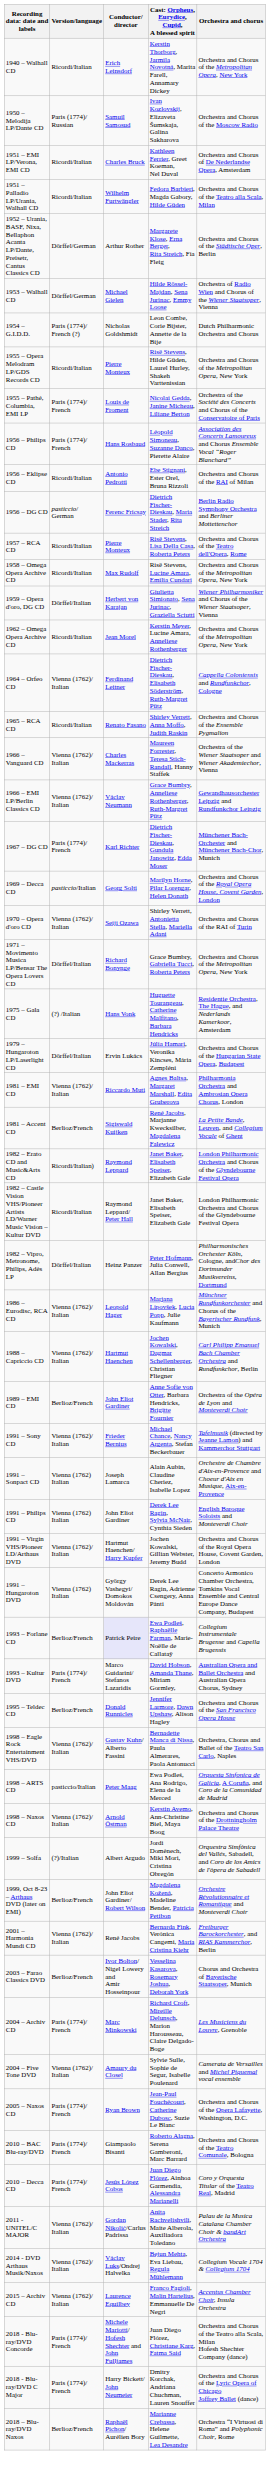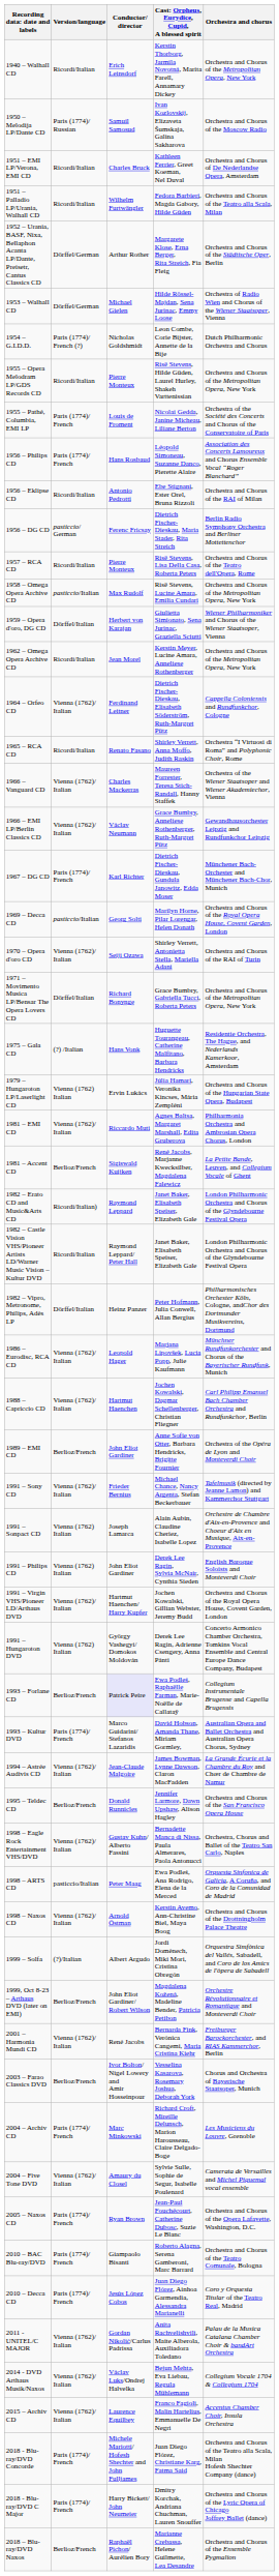 <table class="wikitable">
 <tr>
 <th>Recording data: date and labels</th>
 <th>Version/language</th>
 <th>Conductor/<br>director</th>
 <th>Cast: <a href='#'>Orpheus</a>,<br><a href='#'>Eurydice</a>,<br><a href='#'>Cupid</a>,<br>A blessed spirit</th>
 <th>Orchestra and chorus</th>
 </tr>
 <tr>
 <td>1940 – Walhall CD</td>
 <td>Ricordi/Italian</td>
 <td><a href='#'>Erich Leinsdorf</a></td>
 <td><a href='#'>Kerstin Thorborg</a>, <a href='#'>Jarmila Novotná</a>, Marita Farell, Annamary Dickey</td>
 <td>Orchestra and Chorus of the <em><a href='#'>Metropolitan Opera</a></em>, <a href='#'>New York</a></td>
 </tr>
 <tr>
 <td>1950 – Melodija LP/Dante CD</td>
 <td>Paris (1774)/<br>Russian</td>
 <td><a href='#'>Samuil Samosud</a></td>
 <td><a href='#'>Ivan Kozlovskij</a>, Elizaveta Šumskaja, Galina Sakharova</td>
 <td>Orchestra and Chorus of the <a href='#'>Moscow Radio</a></td>
 </tr>
 <tr>
 <td>1951 – EMI LP/Verona, EMI CD</td>
 <td>Ricordi/Italian</td>
 <td><a href='#'>Charles Bruck</a></td>
 <td><a href='#'>Kathleen Ferrier</a>, Greet Koeman,<br> Nel Duval</td>
 <td>Orchestra and Chorus of <a href='#'>De Nederlandse Opera</a>, Amsterdam</td>
 </tr>
 <tr>
 <td>1951 – Palladio LP/Urania, Walhall CD</td>
 <td>Ricordi/Italian</td>
 <td><a href='#'>Wilhelm Furtwängler</a></td>
 <td><a href='#'>Fedora Barbieri</a>, Magda Gabory,<br> <a href='#'>Hilde Güden</a></td>
 <td>Orchestra and Chorus of the <a href='#'>Teatro alla Scala</a>, <a href='#'>Milan</a></td>
 </tr>
 <tr>
 <td>1952 – Urania, BASF, Nixa, Bellaphon Acanta LP/Dante, Preisetr, Cantus Classics CD</td>
 <td>Dörffel/German</td>
 <td>Arthur Rother</td>
 <td><a href='#'>Margarete Klose</a>, <a href='#'>Erna Berger</a>,<br> <a href='#'>Rita Streich</a>, Fia Fleig</td>
 <td>Orchestra and Chorus of the <em><a href='#'>Städtische Oper</a></em>, Berlin</td>
 </tr>
 <tr>
 <td>1953 – Walhall CD</td>
 <td>Dörffel/German</td>
 <td><a href='#'>Michael Gielen</a></td>
 <td><a href='#'>Hilde Rössel-Majdan</a>, <a href='#'>Sena Jurinac</a>, <a href='#'>Emmy Loose</a></td>
 <td>Orchestra of <a href='#'>Radio Wien</a> and Chorus of the <em><a href='#'>Wiener Staatsoper</a></em>, Vienna</td>
 </tr>
 <tr>
 <td>1954 – G.I.D.D.</td>
 <td>Paris (1774)/<br>French (?)</td>
 <td>Nicholas Goldshmidt</td>
 <td>Leon Combe, Corie Bijster, Annette de la Bije</td>
 <td>Dutch Philharmonic Orchestra and Chorus</td>
 </tr>
 <tr>
 <td>1955 – Opera Melodram LP/GDS Records CD</td>
 <td>Ricordi/Italian</td>
 <td><a href='#'>Pierre Monteux</a></td>
 <td><a href='#'>Risë Stevens</a>, Hilde Güden, Laurel Hurley, Shakeh Varttenissian</td>
 <td>Orchestra and Chorus of the <em>Metropolitan Opera</em>, New York</td>
 </tr>
 <tr>
 <td>1955 – Pathé, Columbia, EMI LP</td>
 <td>Paris (1774)/<br>French</td>
 <td><a href='#'>Louis de Froment</a></td>
 <td><a href='#'>Nicolai Gedda</a>, <a href='#'>Janine Micheau</a>, <a href='#'>Liliane Berton</a></td>
 <td>Orchestra of the <em>Société des Concerts</em> and Chorus of the <a href='#'>Conservatoire of Paris</a></td>
 </tr>
 <tr>
 <td>1956 – Philips CD</td>
 <td>Paris (1774)/<br>French</td>
 <td><a href='#'>Hans Rosbaud</a></td>
 <td><a href='#'>Léopold Simoneau</a>, <a href='#'>Suzanne Danco</a>, Pierette Alaire</td>
 <td><a href='#'><em>Association des Concerts Lamoureux</em></a> and Chorus <em>Ensemble Vocal “Roger Blanchard”</em></td>
 </tr>
 <tr>
 <td>1956 – Eklipse CD</td>
 <td>Ricordi/Italian</td>
 <td><a href='#'>Antonio Pedrotti</a></td>
 <td><a href='#'>Ebe Stignani</a>, Ester Orel,<br> Bruna Rizzoli</td>
 <td>Orchestra and Chorus of the <a href='#'>RAI</a> of Milan</td>
 </tr>
 <tr>
 <td>1956 – DG CD</td>
 <td><em>pasticcio</em>/<br>German</td>
 <td><a href='#'>Ferenc Fricsay</a></td>
 <td><a href='#'>Dietrich Fischer-Dieskau</a>, <a href='#'>Maria Stader</a>, <a href='#'>Rita Streich</a></td>
 <td><a href='#'>Berlin Radio Symphony Orchestra</a> and <em>Berliner Mottettenchor</em></td>
 </tr>
 <tr>
 <td>1957 – RCA CD</td>
 <td>Ricordi/Italian</td>
 <td><a href='#'>Pierre Monteux</a></td>
 <td><a href='#'>Risë Stevens</a>, <a href='#'>Lisa Della Casa</a>, <a href='#'>Roberta Peters</a></td>
 <td>Orchestra and Chorus of the <a href='#'>Teatro dell'Opera</a>, <a href='#'>Rome</a></td>
 </tr>
 <tr>
 <td>1958 – Omega Opera Archive CD</td>
-<td>Ricordi/Italian</td>
+<td><em>pasticcio</em>/Italian</td>
 <td><a href='#'>Max Rudolf</a></td>
 <td>Risë Stevens, <a href='#'>Lucine Amara</a>, <a href='#'>Emilia Cundari</a></td>
 <td>Orchestra and Chorus of the <em>Metropolitan Opera</em>, New York</td>
 </tr>
 <tr>
 <td>1959 – Opera d'oro, DG CD</td>
 <td>Dörffel/Italian</td>
 <td><a href='#'>Herbert von Karajan</a></td>
 <td><a href='#'>Giulietta Simionato</a>, <a href='#'>Sena Jurinac</a>, <a href='#'>Graziella Sciutti</a></td>
 <td><em><a href='#'>Wiener Philharmoniker</a></em> and Chorus of the <em>Wiener Staatsoper</em>, Vienna</td>
 </tr>
 <tr>
 <td>1962 – Omega Opera Archive CD </td>
 <td>Ricordi/Italian</td>
 <td><a href='#'>Jean Morel</a></td>
 <td><a href='#'>Kerstin Meyer</a>, Lucine Amara, <a href='#'>Anneliese Rothenberger</a></td>
 <td>Orchestra and Chorus of the <em>Metropolitan Opera</em>, New York</td>
 </tr>
 <tr>
 <td>1964 – Orfeo CD</td>
 <td>Vienna (1762)/<br>Italian</td>
 <td><a href='#'>Ferdinand Leitner</a></td>
 <td><a href='#'>Dietrich Fischer-Dieskau</a>, <a href='#'>Elisabeth Söderström</a>, <a href='#'>Ruth-Margret Pütz</a></td>
 <td><em><a href='#'>Cappella Coloniensis</a></em> and <em><a href='#'>Rundfunkchor</a></em>, <a href='#'>Cologne</a></td>
 </tr>
 <tr>
 <td>1965 – RCA CD</td>
 <td>Ricordi/Italian</td>
 <td><a href='#'>Renato Fasano</a></td>
 <td><a href='#'>Shirley Verrett</a>, <a href='#'>Anna Moffo</a>, <a href='#'>Judith Raskin</a></td>
-<td>Orchestra and Chorus of the <em>Ensemble Pygmalion</em></td>
+<td>Orchestra “I Virtuosi di Roma” and <em>Polyphonic Choir</em>, Rome</td>
 </tr>
 <tr>
 <td>1966 – Vanguard CD</td>
 <td>Vienna (1762)/<br>Italian</td>
 <td><a href='#'>Charles Mackerras</a></td>
 <td><a href='#'>Maureen Forrester</a>, <a href='#'>Teresa Stich-Randall</a>, Hanny Staffek</td>
 <td>Orchestra of the <em>Wiener Staatsoper</em> and <em>Wiener Akademiechor</em>, Vienna</td>
 </tr>
 <tr>
 <td>1966 – EMI LP/Berlin Classics CD</td>
 <td>Vienna (1762)/<br>Italian</td>
 <td><a href='#'>Václav Neumann</a></td>
 <td><a href='#'>Grace Bumbry</a>, <a href='#'>Anneliese Rothenberger</a>, <a href='#'>Ruth-Margret Pütz</a></td>
 <td><a href='#'>Gewandhausorchester Leipzig</a> and <a href='#'>Rundfunkchor Leipzig</a></td>
 </tr>
 <tr>
 <td>1967 – DG CD</td>
 <td>Paris (1774)/<br>French</td>
 <td><a href='#'>Karl Richter</a></td>
 <td><a href='#'>Dietrich Fischer-Dieskau</a>, <a href='#'>Gundula Janowitz</a>, <a href='#'>Edda Moser</a></td>
 <td><a href='#'>Münchener Bach-Orchester</a> and <a href='#'>Münchener Bach-Chor</a>, Munich</td>
 </tr>
 <tr>
 <td>1969 – Decca CD</td>
 <td><em>pasticcio</em>/Italian</td>
 <td><a href='#'>Georg Solti</a></td>
 <td><a href='#'>Marilyn Horne</a>, <a href='#'>Pilar Lorengar</a>, <a href='#'>Helen Donath</a></td>
 <td>Orchestra and Chorus of the <em><a href='#'>Royal Opera House, Covent Garden</a></em>, <a href='#'>London</a></td>
 </tr>
 <tr>
 <td>1970 – Opera d'oro CD</td>
 <td>Vienna (1762)/<br>Italian</td>
 <td><a href='#'>Seiji Ozawa</a></td>
 <td>Shirley Verrett, <a href='#'>Antonietta Stella</a>, <a href='#'>Mariella Adani</a></td>
 <td>Orchestra and Chorus of the RAI of <a href='#'>Turin</a></td>
 </tr>
 <tr>
 <td>1971 – Movimento Musica LP/Bensar The Opera Lovers CD</td>
 <td>Dörffel/Italian</td>
 <td><a href='#'>Richard Bonynge</a></td>
 <td>Grace Bumbry, <a href='#'>Gabriella Tucci</a>, <a href='#'>Roberta Peters</a></td>
 <td>Orchestra and Chorus of the <em>Metropolitan Opera</em>, New York</td>
 </tr>
 <tr>
 <td>1975 – Gala CD</td>
 <td>(?) /Italian</td>
 <td><a href='#'>Hans Vonk</a></td>
 <td><a href='#'>Huguette Tourangeau</a>, <a href='#'>Catherine Malfitano</a>, <a href='#'>Barbara Hendricks</a></td>
 <td><a href='#'>Residentie Orchestra</a>, <a href='#'>The Hague</a>, and <em>Nederlands Kamerkoor</em>, Amsterdam</td>
 </tr>
 <tr>
 <td>1979 – Hungaroton LP/Laserlight CD</td>
-<td>Dörffel/Italian</td>
+<td>Vienna (1762)<br>Italian</td>
 <td>Ervin Lukács</td>
 <td><a href='#'>Júlia Hamari</a>, Veronika Kincses, Mária Zempléni</td>
 <td>Orchestra and Chorus of the <a href='#'>Hungarian State Opera</a>, <a href='#'>Budapest</a></td>
 </tr>
 <tr>
 <td>1981 – EMI CD</td>
 <td>Vienna (1762)/<br>Italian</td>
 <td><a href='#'>Riccardo Muti</a></td>
 <td><a href='#'>Agnes Baltsa</a>, <a href='#'>Margaret Marshall</a>, <a href='#'>Edita Gruberova</a></td>
 <td><a href='#'>Philharmonia Orchestra</a> and <a href='#'>Ambrosian Opera Chorus</a>, London</td>
 </tr>
 <tr>
 <td>1981 – Accent CD </td>
 <td>Berlioz/French</td>
 <td><a href='#'>Sigiswald Kuijken</a></td>
 <td><a href='#'>René Jacobs</a>, Marjanne Kwecksilber,<br> <a href='#'>Magdalena Falewicz</a></td>
 <td><em><a href='#'>La Petite Bande</a></em>, <a href='#'>Leuven</a>, and <em><a href='#'>Collegium Vocale</a></em> of <a href='#'>Ghent</a></td>
 </tr>
 <tr>
 <td>1982 – Erato CD and Music&Arts CD</td>
 <td>Ricordi/Italian)</td>
 <td><a href='#'>Raymond Leppard</a></td>
 <td><a href='#'>Janet Baker</a>, <a href='#'>Elisabeth Speiser</a>, Elizabeth Gale</td>
 <td><a href='#'>London Philharmonic Orchestra</a> and Chorus of the <a href='#'>Glyndebourne Festival Opera</a></td>
 </tr>
 <tr>
 <td>1982 – Castle Vision VHS/Pioneer Artists LD/Warner Music Vision – Kultur DVD </td>
 <td>Ricordi/Italian</td>
 <td>Raymond Leppard/<br><a href='#'>Peter Hall</a></td>
 <td>Janet Baker, Elisabeth Speiser, Elizabeth Gale</td>
 <td>London Philharmonic Orchestra and Chorus of the Glyndebourne Festival Opera</td>
 </tr>
 <tr>
 <td>1982 – Vipro, Metronome, Philips, Adès LP </td>
 <td>Dörffel/Italian</td>
 <td>Heinz Panzer</td>
 <td><a href='#'>Peter Hofmann</a>, Julia Conwell, Allan Bergius</td>
 <td><em>Philharmonisches Orchester Köln</em>, Cologne, and<em>Chor des Dortmunder Musikvereins</em>, <a href='#'>Dortmund</a></td>
 </tr>
 <tr>
 <td>1986 – Eurodisc, RCA CD</td>
 <td>Vienna (1762)/<br>Italian</td>
 <td><a href='#'>Leopold Hager</a></td>
 <td><a href='#'>Marjana Lipovšek</a>, <a href='#'>Lucia Popp</a>, Julie Kaufmann</td>
 <td><em><a href='#'>Münchner Rundfunkorchester</a></em> and Chorus of the <em><a href='#'>Bayerischer Rundfunk</a></em>, Munich</td>
 </tr>
 <tr>
 <td>1988 – Capriccio CD</td>
 <td>Vienna (1762)/<br>Italian</td>
 <td><a href='#'>Hartmut Haenchen</a></td>
 <td><a href='#'>Jochen Kowalski</a>, <a href='#'>Dagmar Schellenberger</a>, Christian Fliegner </td>
 <td><em><a href='#'>Carl Philipp Emanuel Bach Chamber Orchestra</a></em> and <em>Rundfunkchor</em>, Berlin</td>
 </tr>
 <tr>
 <td>1989 – EMI CD</td>
 <td>Berlioz/French</td>
 <td><a href='#'>John Eliot Gardiner</a></td>
 <td><a href='#'>Anne Sofie von Otter</a>, Barbara Hendricks, <a href='#'>Brigitte Fournier</a></td>
 <td>Orchestra of the <em>Opéra de Lyon</em> and <em><a href='#'>Monteverdi Choir</a></em></td>
 </tr>
 <tr>
 <td>1991 – Sony CD </td>
 <td>Vienna (1762)/<br>Italian</td>
 <td><a href='#'>Frieder Bernius</a></td>
 <td><a href='#'>Michael Chance</a>, <a href='#'>Nancy Argenta</a>, Stefan Beckerbauer</td>
 <td><em><a href='#'>Tafelmusik</a></em> (directed by <a href='#'>Jeanne Lamon</a>) and <a href='#'>Kammerchor Stuttgart</a></td>
 </tr>
 <tr>
 <td>1991 – Sonpact CD</td>
 <td>Vienna (1762)<br>Italian</td>
 <td>Joseph Lamarca</td>
 <td>Alain Aubin, Claudine Cheriez, Isabelle Lopez</td>
 <td><em>Orchestre de Chambre d'Aix-en-Provence</em> and <em>Choeur d'Aix en Musique</em>, <a href='#'>Aix-en-Provence</a></td>
 </tr>
 <tr>
 <td>1991 – Philips CD </td>
 <td>Vienna (1762)<br>Italian</td>
 <td>John Eliot Gardiner</td>
 <td><a href='#'>Derek Lee Ragin</a>,<br> <a href='#'>Sylvia McNair</a>, Cynthia Sieden</td>
 <td><a href='#'>English Baroque Soloists</a> and <em>Monteverdi Choir</em></td>
 </tr>
 <tr>
 <td>1991 – Virgin VHS/Pioneer LD/Arthaus DVD</td>
 <td>Vienna (1762)/<br>Italian</td>
 <td>Hartmut Haenchen/<br> <a href='#'>Harry Kupfer</a></td>
 <td>Jochen Kowalski, Gillian Webster, Jeremy Budd </td>
 <td>Orchestra and Chorus of the Royal Opera House, Covent Garden, London</td>
 </tr>
 <tr>
 <td>1991 – Hungaroton DVD</td>
 <td>Vienna (1762)<br>Italian</td>
 <td>György Vashegyi/<br>Domokos Moldován</td>
 <td>Derek Lee Ragin, Adrienne Csengery, Anna Pánti</td>
 <td>Concerto Armonico Chamber Orchestra, Tomkins Vocal Ensemble and Central Europe Dance Company, Budapest</td>
 </tr>
 <tr>
 <td>1993 – Forlane CD</td>
 <td>Berlioz/French</td>
 <td style="background: lavender;">Patrick Peire</td>
 <td><a href='#'>Ewa Podleś</a>, <a href='#'>Raphaëlle Farman</a>, Marie-Noëlle de Callataÿ</td>
 <td><em>Collegium Instrumentale Brugense</em> and <em>Capella Brugensis</em></td>
 </tr>
 <tr>
 <td>1993 – Kultur DVD</td>
 <td>Paris (1774)/<br>French</td>
 <td>Marco Guidarini/<br>Stefanos Lazaridis</td>
 <td><a href='#'>David Hobson</a>, <a href='#'>Amanda Thane</a>, Miriam Gormley,</td>
 <td><a href='#'>Australian Opera and Ballet Orchestra</a> and Australian Opera Chorus, Sydney</td>
+</tr>
+<tr>
+<td>1994 – Astrée Audivis CD</td>
+<td>Vienna (1762)/<br>Italian</td>
+<td><a href='#'>Jean-Claude Malgoire</a></td>
+<td><a href='#'>James Bowman</a>, <a href='#'>Lynne Dawson</a>, Claron MacFadden</td>
+<td><em><a href='#'>La Grande Écurie et la Chambre du Roy</a></em> and Chœr de Chambre de <a href='#'>Namur</a></td>
 </tr>
 <tr>
 <td>1995 – Teldec CD</td>
 <td>Berlioz/French</td>
 <td><a href='#'>Donald Runnicles</a></td>
 <td><a href='#'>Jennifer Larmore</a>, <a href='#'>Dawn Upshaw</a>, Alison Hagley</td>
 <td>Orchestra and Chorus of the <em><a href='#'>San Francisco Opera House</a></em></td>
 </tr>
 <tr>
 <td>1998 – Eagle Rock Entertainment VHS/DVD</td>
 <td>Vienna (1762)/<br>Italian</td>
 <td><a href='#'>Gustav Kuhn</a>/<br>Alberto Fassini</td>
 <td><a href='#'>Bernadette Manca di Nissa</a>, Paula Almerares, Paola Antonucci</td>
 <td>Orchestra, Chorus and Ballet of the <a href='#'>Teatro San Carlo</a>, Naples</td>
 </tr>
 <tr>
 <td>1998 – ARTS CD</td>
 <td>pasticcio/Italian</td>
 <td><a href='#'>Peter Maag</a></td>
 <td>Ewa Podleś, Ana Rodrigo, Elena de la Merced</td>
 <td><em><a href='#'>Orquesta Sinfonica de Galicia</a></em>, <a href='#'>A Coruña</a>, and <em>Coro de la Comunidad de Madrid</em></td>
 </tr>
 <tr>
 <td>1998 – Naxos CD </td>
 <td>Vienna (1762)/<br>Italian</td>
 <td><a href='#'>Arnold Östman</a></td>
 <td><a href='#'>Kerstin Avemo</a>, Ann-Christine Biel, Maya Boog</td>
 <td>Orchestra and Chorus of the <a href='#'>Drottningholm Palace Theatre</a></td>
 </tr>
 <tr>
 <td>1999 – Solfa </td>
 <td>(?)/Italian</td>
 <td>Albert Argudo</td>
 <td>Jordi Domènech, Miki Mori, Cristina Obregón</td>
 <td><em>Orquestra Simfònica del Vallés</em>, Sabadell, and <em>Coro de los Amics de l'òpera de Sabadell</em></td>
 </tr>
 <tr>
 <td>1999, Oct 8-23 – <a href='#'>Arthaus</a> DVD (later on EMI)</td>
 <td>Berlioz/French</td>
 <td>John Eliot Gardiner/<br><a href='#'>Robert Wilson</a></td>
 <td><a href='#'>Magdalena Kožená</a>, Madeline Bender, <a href='#'>Patricia Petibon</a></td>
 <td><em><a href='#'>Orchestre Révolutionnaire et Romantique</a></em> and <em>Monteverdi Choir</em></td>
 </tr>
 <tr>
 <td>2001 – Harmonia Mundi CD </td>
 <td>Vienna (1762)/<br>Italian</td>
 <td>René Jacobs</td>
 <td><a href='#'>Bernarda Fink</a>, Verónica Cangemi, <a href='#'>María Cristina Kiehr</a></td>
 <td><em><a href='#'>Freiburger Barockorchester</a></em>, and <em><a href='#'>RIAS Kammerchor</a></em>, Berlin</td>
 </tr>
 <tr>
 <td>2003 – Farao Classics DVD</td>
 <td>Berlioz/French</td>
 <td><a href='#'>Ivor Bolton</a>/<br>Nigel Lowery and<br>Amir Hosseinpour</td>
 <td><a href='#'>Vesselina Kasarova</a>, <a href='#'>Rosemary Joshua</a>, <a href='#'>Deborah York</a></td>
 <td>Chorus and Orchestra of <a href='#'>Bayerische Staatsoper</a>, Munich</td>
 </tr>
 <tr>
 <td>2004 – Archiv CD</td>
 <td>Paris (1774)/<br>French</td>
 <td><a href='#'>Marc Minkowski</a></td>
 <td><a href='#'>Richard Croft</a>, <a href='#'>Mireille Delunsch</a>, Marion Harousseau, Claire Delgado-Boge</td>
 <td><em><a href='#'>Les Musiciens du Louvre</a></em>, Grenoble</td>
 </tr>
 <tr>
 <td>2004 – Five Tone DVD</td>
 <td>Vienna (1762)/<br>Italian</td>
 <td><a href='#'>Amaury du Closel</a></td>
 <td>Sylvie Sulle, Sophie de Segur, Isabelle Poulenard</td>
 <td><em>Camerata de Versailles</em> and <em><a href='#'>Michel Piquemal</a> vocal ensemble</em></td>
 </tr>
 <tr>
 <td>2005 – Naxos CD </td>
 <td>Paris (1774)/<br>French</td>
 <td><a href='#'>Ryan Brown</a></td>
 <td><a href='#'>Jean-Paul Fouchécourt</a>, <a href='#'>Catherine Dubosc</a>, Suzie Le Blanc</td>
 <td>Orchestra and Chorus of the <a href='#'>Opera Lafayette</a>, Washington, D.C.</td>
 </tr>
 <tr>
 <td>2010 – BAC Blu-ray/DVD</td>
 <td>Paris (1774)/<br>French</td>
 <td>Giampaolo Bisanti</td>
 <td><a href='#'>Roberto Alagna</a>, Serena Gamberoni, Marc Barrard</td>
 <td>Orchestra and Chorus of the <a href='#'>Teatro Comunale</a>, Bologna</td>
 </tr>
 <tr>
 <td>2010 – Decca CD</td>
 <td>Paris (1774)/<br>French</td>
 <td><a href='#'>Jesús López Cobos</a></td>
 <td><a href='#'>Juan Diego Flórez</a>, Ainhoa Garmendia, <a href='#'>Alessandra Marianelli</a></td>
 <td><em>Coro y Orquesta Titular</em> of the <a href='#'>Teatro Real</a>, Madrid</td>
 </tr>
 <tr>
 <td>2011 - UNITEL/C MAJOR</td>
 <td>Vienna (1762)/<br>Italian</td>
 <td><a href='#'>Gordan Nikolić</a>/Carlus Padrissa</td>
 <td><a href='#'>Anita Rachvelishvili</a>, Maite Alberola, Auxiliadora Toledano</td>
 <td><em>Palau de la Musica Catalana Chamber Choir &  <a href='#'>bandArt Orchestra</a></em></td>
 </tr>
 <tr>
 <td>2014 - DVD Arthaus Musik/Naxos</td>
 <td>Vienna (1762)/<br>Italian</td>
 <td><a href='#'>Václav Luks</a>/Ondrej Halvelka</td>
 <td><a href='#'>Bejun Mehta</a>, Eva Liebau, <a href='#'>Regula Mühlemann</a></td>
 <td><em>Collegium Vocale 1704 & <a href='#'>Collegium 1704</a></em></td>
 </tr>
 <tr>
 <td>2015 – Archiv CD</td>
 <td>Vienna (1762)/<br>Italian</td>
 <td><a href='#'>Laurence Equilbey</a></td>
 <td><a href='#'>Franco Fagioli</a>, <a href='#'>Malin Hartelius</a>, Emmanuelle De Negri</td>
 <td><em><a href='#'>Accentus Chamber Choir</a>, Insula Orchestra</em></td>
 </tr>
 <tr>
 <td>2018 - Blu-ray/DVD Concorde</td>
 <td>Paris (1774)/<br>French</td>
 <td><a href='#'>Michele Mariotti</a>/<br><a href='#'>Hofesh Shechter</a> and<br><a href='#'>John Fulljames</a></td>
 <td>Juan Diego Flórez,<br><a href='#'>Christiane Karg</a>,<br><a href='#'>Fatma Said</a></td>
 <td>Orchestra and Chorus of the Teatro alla Scala, Milan<br>Hofesh Shechter Company (dance)</td>
 </tr>
 <tr>
 <td>2018 - Blu-ray/DVD C Major</td>
 <td>Paris (1774)/<br>French</td>
 <td>Harry Bickett/<br><a href='#'>John Neumeier</a></td>
 <td>Dmitry Korchak,<br>Andriana Chuchman,<br>Lauren Snouffer</td>
 <td>Orchestra and Chorus of the <a href='#'>Lyric Opera of Chicago</a><br><a href='#'>Joffrey Ballet</a> (dance)</td>
 </tr>
 <tr>
 <td>2018 – Blu-ray/DVD Naxos</td>
 <td>Berlioz/French</td>
 <td><a href='#'>Raphaël Pichon</a>/<br>Aurélien Bory</td>
 <td><a href='#'>Marianne Crebassa</a>,<br>Helene Guilmette,<br><a href='#'>Lea Desandre</a></td>
-<td>Orchestra “I Virtuosi di Roma” and <em>Polyphonic Choir</em>, Rome</td>
+<td>Orchestra and Chorus of the <em>Ensemble Pygmalion</em></td>
 </tr>
 </table>
